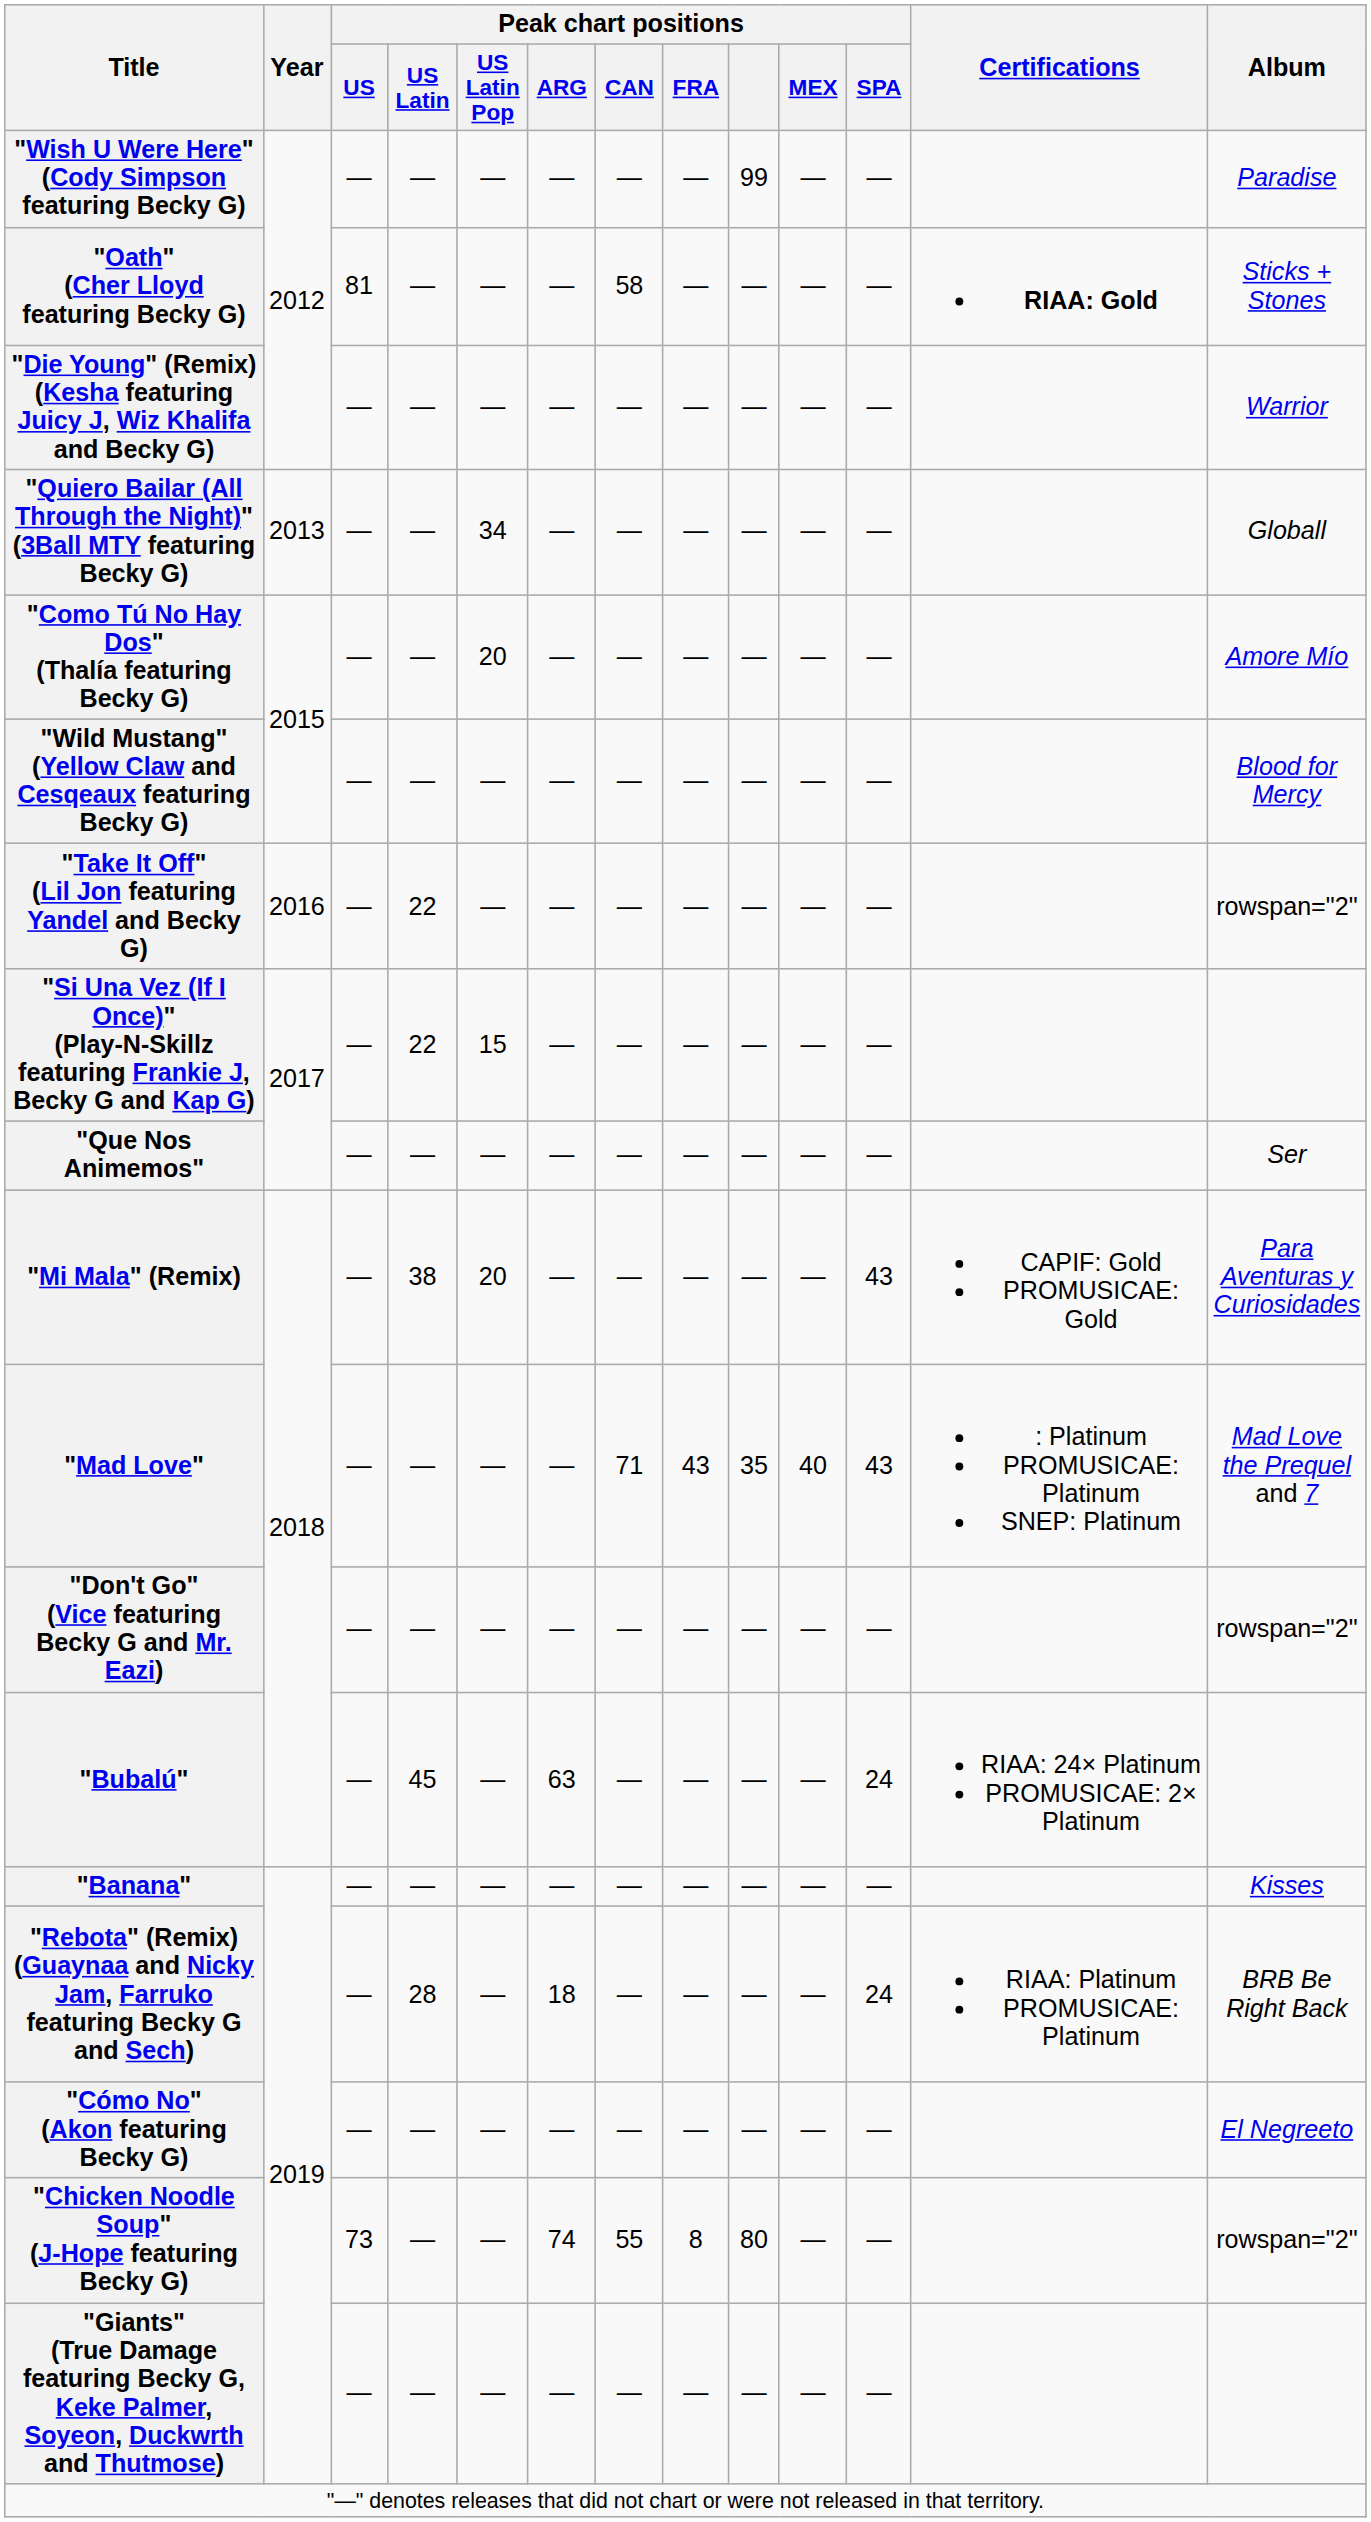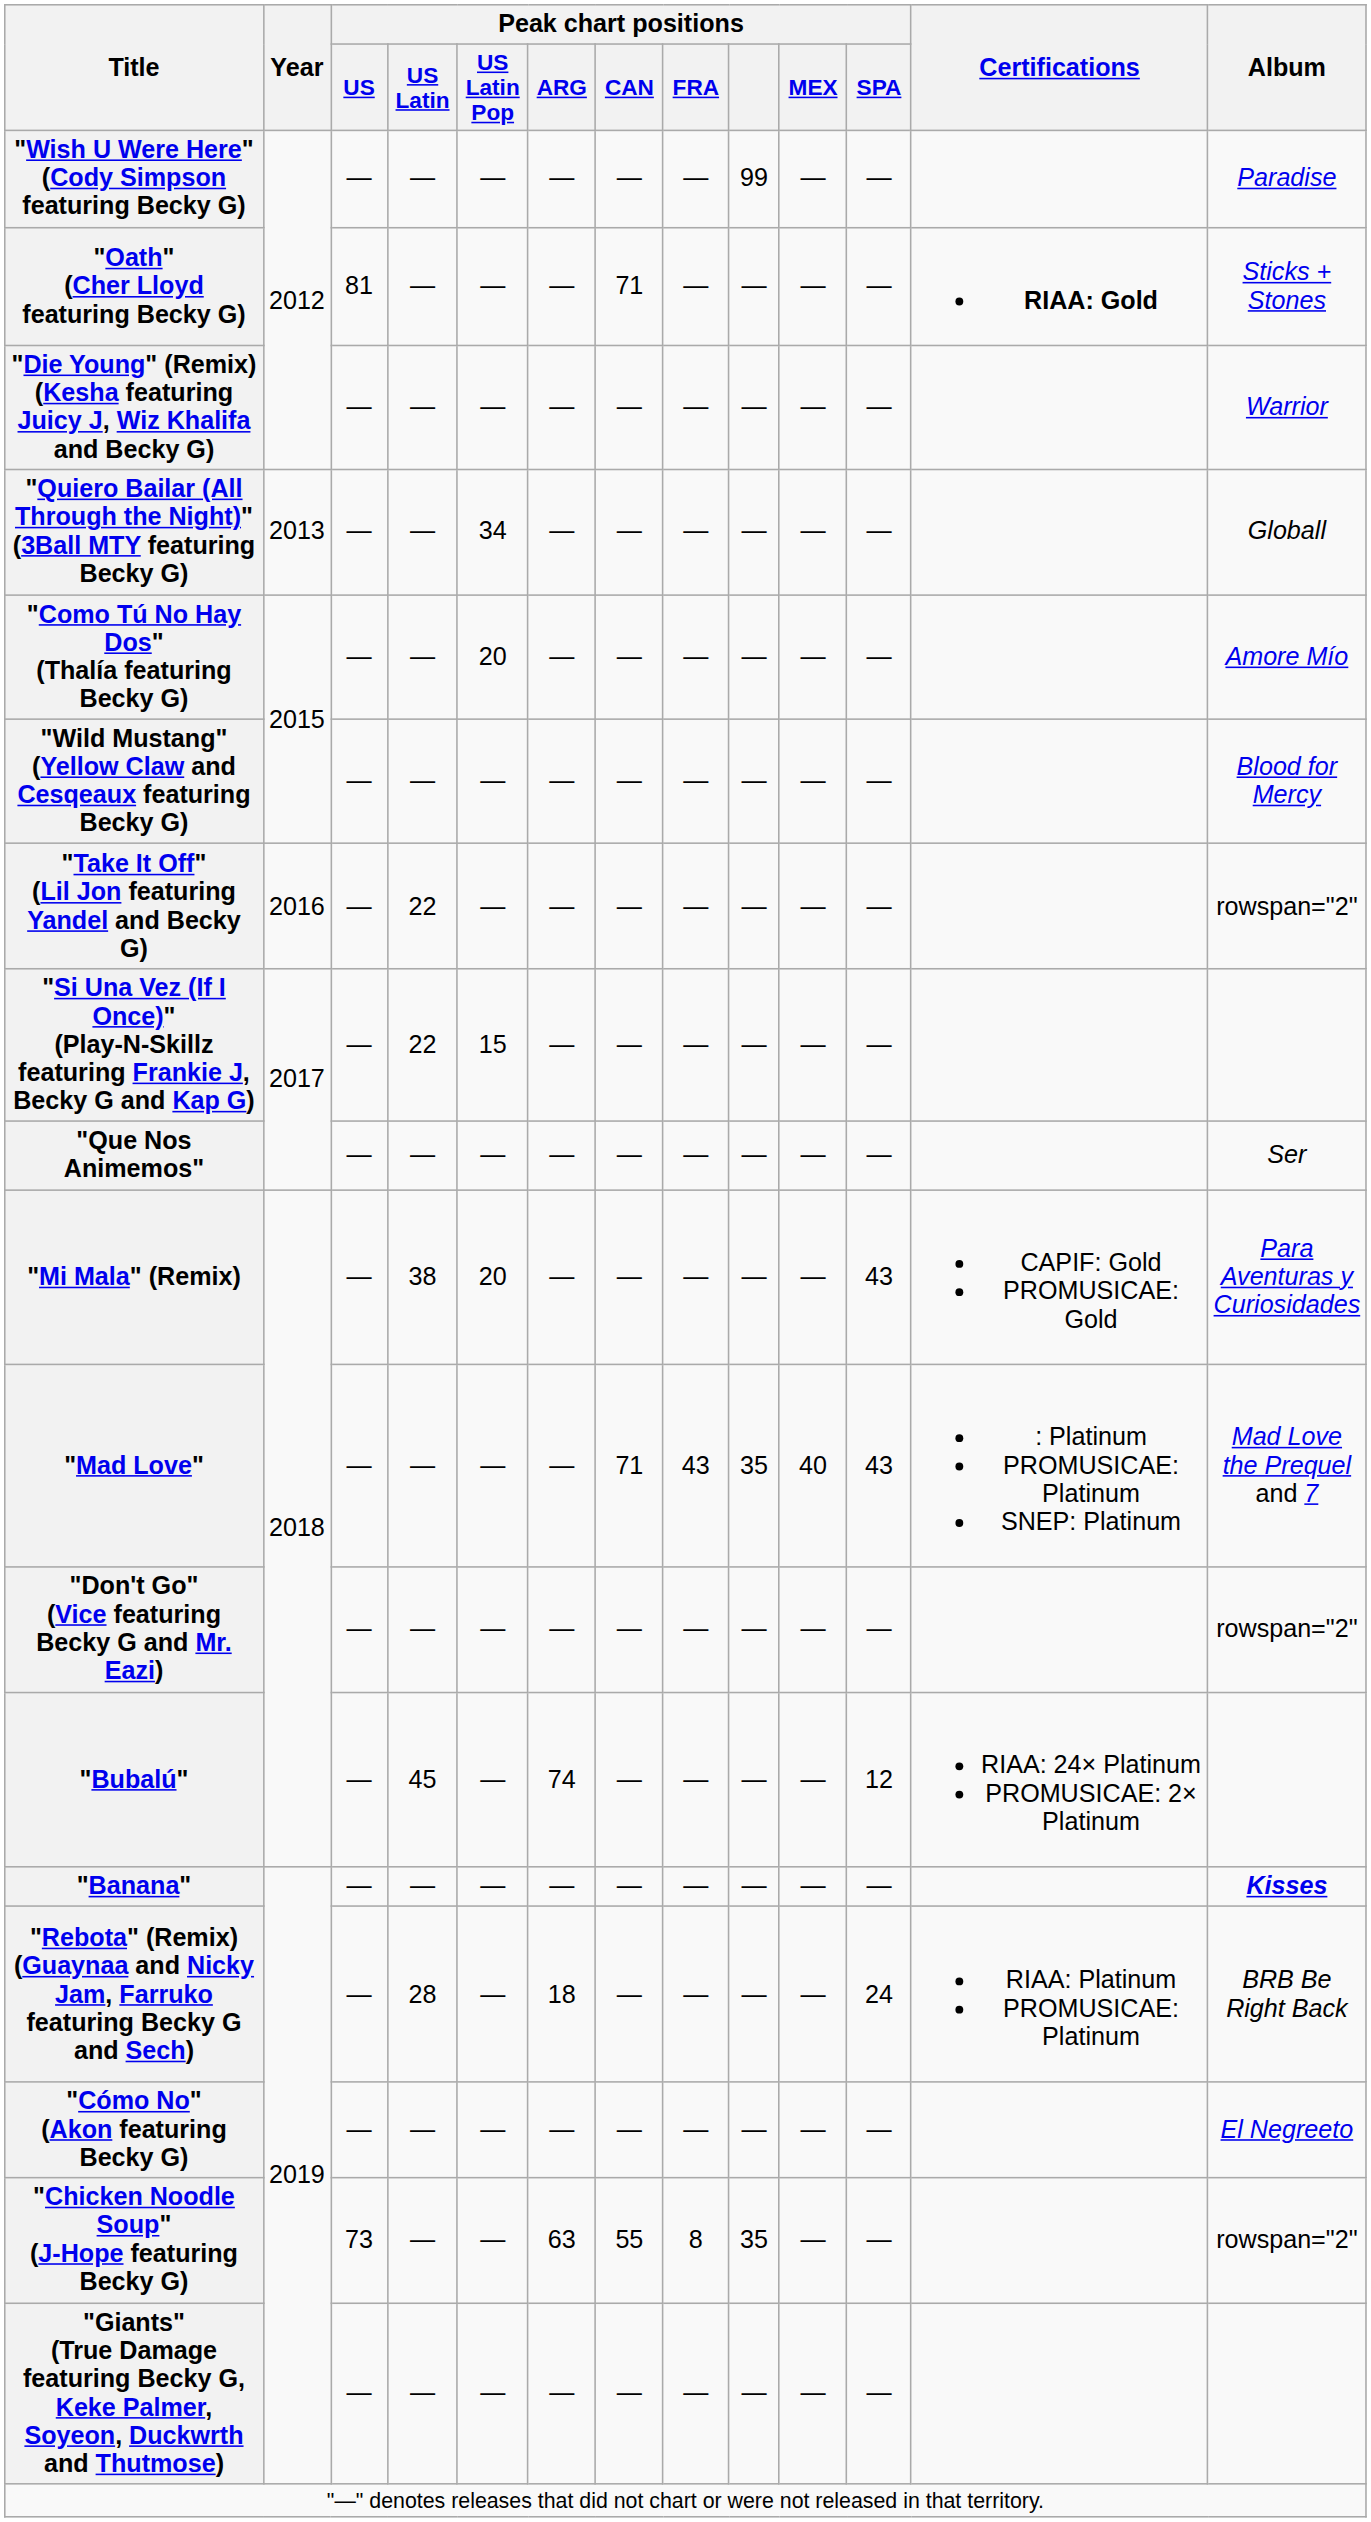 <table class="wikitable plainrowheaders" style="text-align:center;">
 <tr>
 <th scope="col" rowspan="2" style="width:16em;">Title</th>
 <th scope="col" rowspan="2">Year</th>
 <th scope="col" colspan="9">Peak chart positions</th>
 <th scope="col" rowspan="2" style="width:14em;"><a href='#'>Certifications</a></th>
 <th scope="col" rowspan="2">Album</th>
 </tr>
 <tr>
 <th scope="col" style="width:3em;font-size:90%;"><a href='#'>US</a><br></th>
 <th scope="col" style="width:3em;font-size:90%;"><a href='#'>US<br>Latin</a><br></th>
 <th scope="col" style="width:3em;font-size:90%;"><a href='#'>US<br>Latin<br>Pop</a><br></th>
 <th scope="col" style="width:3em;font-size:90%;"><a href='#'>ARG</a><br></th>
 <th scope="col" style="width:3em;font-size:90%;"><a href='#'>CAN</a><br></th>
 <th scope="col" style="width:3em;font-size:90%;"><a href='#'>FRA</a><br></th>
 <th scope="col" style="width:2.5em;font-size:90%;"><a href='#'></a><br></th>
 <th scope="col" style="width:3em;font-size:90%;"><a href='#'>MEX</a><br></th>
 <th scope="col" style="width:3em;font-size:90%;"><a href='#'>SPA</a><br></th>
 </tr>
 <tr>
 <th scope="row">"<a href='#'>Wish U Were Here</a>"<br><span>(<a href='#'>Cody Simpson</a> featuring Becky G)</span></th>
 <td rowspan="3">2012</td>
 <td>—</td>
 <td>—</td>
 <td>—</td>
 <td>—</td>
 <td>—</td>
 <td>—</td>
 <td>99</td>
 <td>—</td>
 <td>—</td>
 <td></td>
 <td><em><a href='#'>Paradise</a></em></td>
 </tr>
 <tr>
 <th scope="row">"<a href='#'>Oath</a>"<br><span>(<a href='#'>Cher Lloyd</a> featuring Becky G)</span></th>
 <td>81</td>
 <td>—</td>
 <td>—</td>
 <td>—</td>
-<td>58</td>
+<td>71</td>
 <td>—</td>
 <td>—</td>
 <td>—</td>
 <td>—</td>
 <td><strong><br><ul><li>RIAA: Gold</li></ul></strong></td>
 <td><em><a href='#'>Sticks + Stones</a></em></td>
 </tr>
 <tr>
 <th scope="row">"<a href='#'>Die Young</a>" (Remix)<br><span>(<a href='#'>Kesha</a> featuring <a href='#'>Juicy J</a>, <a href='#'>Wiz Khalifa</a> and Becky G)</span></th>
 <td>—</td>
 <td>—</td>
 <td>—</td>
 <td>—</td>
 <td>—</td>
 <td>—</td>
 <td>—</td>
 <td>—</td>
 <td>—</td>
 <td></td>
 <td><em><a href='#'>Warrior</a></em></td>
 </tr>
 <tr>
 <th scope="row">"<a href='#'>Quiero Bailar (All Through the Night)</a>"<br><span>(<a href='#'>3Ball MTY</a> featuring Becky G)</span></th>
 <td>2013</td>
 <td>—</td>
 <td>—</td>
 <td>34</td>
 <td>—</td>
 <td>—</td>
 <td>—</td>
 <td>—</td>
 <td>—</td>
 <td>—</td>
 <td></td>
 <td><em>Globall</em></td>
 </tr>
 <tr>
 <th scope="row">"<a href='#'>Como Tú No Hay Dos</a>"<br><span>(Thalía featuring Becky G)</span></th>
 <td rowspan="2">2015</td>
 <td>—</td>
 <td>—</td>
 <td>20</td>
 <td>—</td>
 <td>—</td>
 <td>—</td>
 <td>—</td>
 <td>—</td>
 <td>—</td>
 <td></td>
 <td><em><a href='#'>Amore Mío</a></em></td>
 </tr>
 <tr>
 <th scope="row">"Wild Mustang"<br><span>(<a href='#'>Yellow Claw</a> and <a href='#'>Cesqeaux</a> featuring Becky G)</span></th>
 <td>—</td>
 <td>—</td>
 <td>—</td>
 <td>—</td>
 <td>—</td>
 <td>—</td>
 <td>—</td>
 <td>—</td>
 <td>—</td>
 <td></td>
 <td><em><a href='#'>Blood for Mercy</a></em></td>
 </tr>
 <tr>
 <th scope="row">"<a href='#'>Take It Off</a>"<br><span>(<a href='#'>Lil Jon</a> featuring <a href='#'>Yandel</a> and Becky G)</span></th>
 <td>2016</td>
 <td>—</td>
 <td>22</td>
 <td>—</td>
 <td>—</td>
 <td>—</td>
 <td>—</td>
 <td>—</td>
 <td>—</td>
 <td>—</td>
 <td></td>
 <td>rowspan="2" </td>
 </tr>
 <tr>
 <th scope="row">"<a href='#'>Si Una Vez (If I Once)</a>"<br><span>(Play-N-Skillz featuring <a href='#'>Frankie J</a>, Becky G and <a href='#'>Kap G</a>)</span></th>
 <td rowspan="2">2017</td>
 <td>—</td>
 <td>22</td>
 <td>15</td>
 <td>—</td>
 <td>—</td>
 <td>—</td>
 <td>—</td>
 <td>—</td>
 <td>—</td>
 <td></td>
 </tr>
 <tr>
 <th scope="row">"Que Nos Animemos"<br></th>
 <td>—</td>
 <td>—</td>
 <td>—</td>
 <td>—</td>
 <td>—</td>
 <td>—</td>
 <td>—</td>
 <td>—</td>
 <td>—</td>
 <td></td>
 <td><em>Ser</em></td>
 </tr>
 <tr>
 <th scope="row">"<a href='#'>Mi Mala</a>" (Remix)<br></th>
 <td rowspan="4">2018</td>
 <td>—</td>
 <td>38</td>
 <td>20</td>
 <td>—</td>
 <td>—</td>
 <td>—</td>
 <td>—</td>
 <td>—</td>
 <td>43</td>
 <td><br><ul><li>CAPIF: Gold</li><li>PROMUSICAE: Gold</li></ul></td>
 <td><em><a href='#'>Para Aventuras y Curiosidades</a></em></td>
 </tr>
 <tr>
 <th scope="row">"<a href='#'>Mad Love</a>"<br></th>
 <td>—</td>
 <td>—</td>
 <td>—</td>
 <td>—</td>
 <td>71</td>
 <td>43</td>
 <td>35</td>
 <td>40</td>
 <td>43</td>
 <td><br><ul><li><a href='#'></a>: Platinum</li><li>PROMUSICAE: Platinum</li><li>SNEP: Platinum</li></ul></td>
 <td><em><a href='#'>Mad Love the Prequel</a></em> and <em><a href='#'>7</a></em></td>
 </tr>
 <tr>
 <th scope="row">"Don't Go"<br><span>(<a href='#'>Vice</a> featuring Becky G and <a href='#'>Mr. Eazi</a>)</span></th>
 <td>—</td>
 <td>—</td>
 <td>—</td>
 <td>—</td>
 <td>—</td>
 <td>—</td>
 <td>—</td>
 <td>—</td>
 <td>—</td>
 <td></td>
 <td>rowspan="2" </td>
 </tr>
 <tr>
 <th scope="row">"<a href='#'>Bubalú</a>"<br></th>
 <td>—</td>
 <td>45</td>
 <td>—</td>
-<td>63</td>
+<td>74</td>
 <td>—</td>
 <td>—</td>
 <td>—</td>
 <td>—</td>
-<td>24</td>
+<td>12</td>
 <td><br><ul><li>RIAA: 24× Platinum  </li><li>PROMUSICAE: 2× Platinum</li></ul></td>
 </tr>
 <tr>
 <th scope="row">"<a href='#'>Banana</a>"<br></th>
 <td rowspan="5">2019</td>
 <td>—</td>
 <td>—</td>
 <td>—</td>
 <td>—</td>
 <td>—</td>
 <td>—</td>
 <td>—</td>
 <td>—</td>
 <td>—</td>
 <td></td>
-<td><em><a href='#'>Kisses</a></em></td>
+<td><strong><em><a href='#'>Kisses</a></em></strong></td>
 </tr>
 <tr>
 <th scope="row">"<a href='#'>Rebota</a>" (Remix)<br><span>(<a href='#'>Guaynaa</a> and <a href='#'>Nicky Jam</a>, <a href='#'>Farruko</a> featuring Becky G and <a href='#'>Sech</a>)</span></th>
 <td>—</td>
 <td>28</td>
 <td>—</td>
 <td>18</td>
 <td>—</td>
 <td>—</td>
 <td>—</td>
 <td>—</td>
 <td>24</td>
 <td><br><ul><li>RIAA: Platinum  </li><li>PROMUSICAE: Platinum</li></ul></td>
 <td><em>BRB Be Right Back</em></td>
 </tr>
 <tr>
 <th scope="row">"<a href='#'>Cómo No</a>"<br><span>(<a href='#'>Akon</a> featuring Becky G)</span></th>
 <td>—</td>
 <td>—</td>
 <td>—</td>
 <td>—</td>
 <td>—</td>
 <td>—</td>
 <td>—</td>
 <td>—</td>
 <td>—</td>
 <td></td>
 <td><em><a href='#'>El Negreeto</a></em></td>
 </tr>
 <tr>
 <th scope="row">"<a href='#'>Chicken Noodle Soup</a>"<br><span>(<a href='#'>J-Hope</a> featuring Becky G)</span></th>
 <td>73</td>
 <td>—</td>
 <td>—</td>
-<td>74</td>
+<td>63</td>
 <td>55</td>
 <td>8</td>
-<td>80</td>
+<td>35</td>
 <td>—</td>
 <td>—</td>
 <td></td>
 <td>rowspan="2" </td>
 </tr>
 <tr>
 <th scope="row">"Giants"<br><span>(True Damage featuring Becky G, <a href='#'>Keke Palmer</a>, <a href='#'>Soyeon</a>, <a href='#'>Duckwrth</a> and <a href='#'>Thutmose</a>)</span></th>
 <td>—</td>
 <td>—</td>
 <td>—</td>
 <td>—</td>
 <td>—</td>
 <td>—</td>
 <td>—</td>
 <td>—</td>
 <td>—</td>
 <td></td>
 </tr>
 <tr>
 <td colspan="16" style="text-align:center; font-size:85%;">"—" denotes releases that did not chart or were not released in that territory.</td>
 </tr>
 </table>
